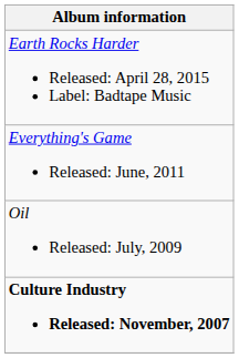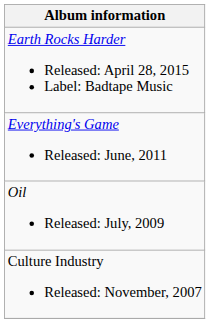 <table class="wikitable">
 <tr>
 <th align="left">Album information</th>
 </tr>
 <tr>
 <td><em><a href='#'>Earth Rocks Harder</a></em><br><ul><li>Released: April 28, 2015</li><li>Label: Badtape Music</li></ul></td>
 </tr>
 <tr>
 <td><em><a href='#'>Everything's Game</a></em><br><ul><li>Released: June, 2011</li></ul></td>
 </tr>
 <tr>
 <td><em>Oil</em><br><ul><li>Released: July, 2009</li></ul></td>
 </tr>
 <tr>
-<td><strong>Culture Industry<br><ul><li>Released: November, 2007</li></ul></strong></td>
+<td>Culture Industry<br><ul><li>Released: November, 2007</li></ul></td>
 </tr>
 <tr>
 </tr>
 </table>
